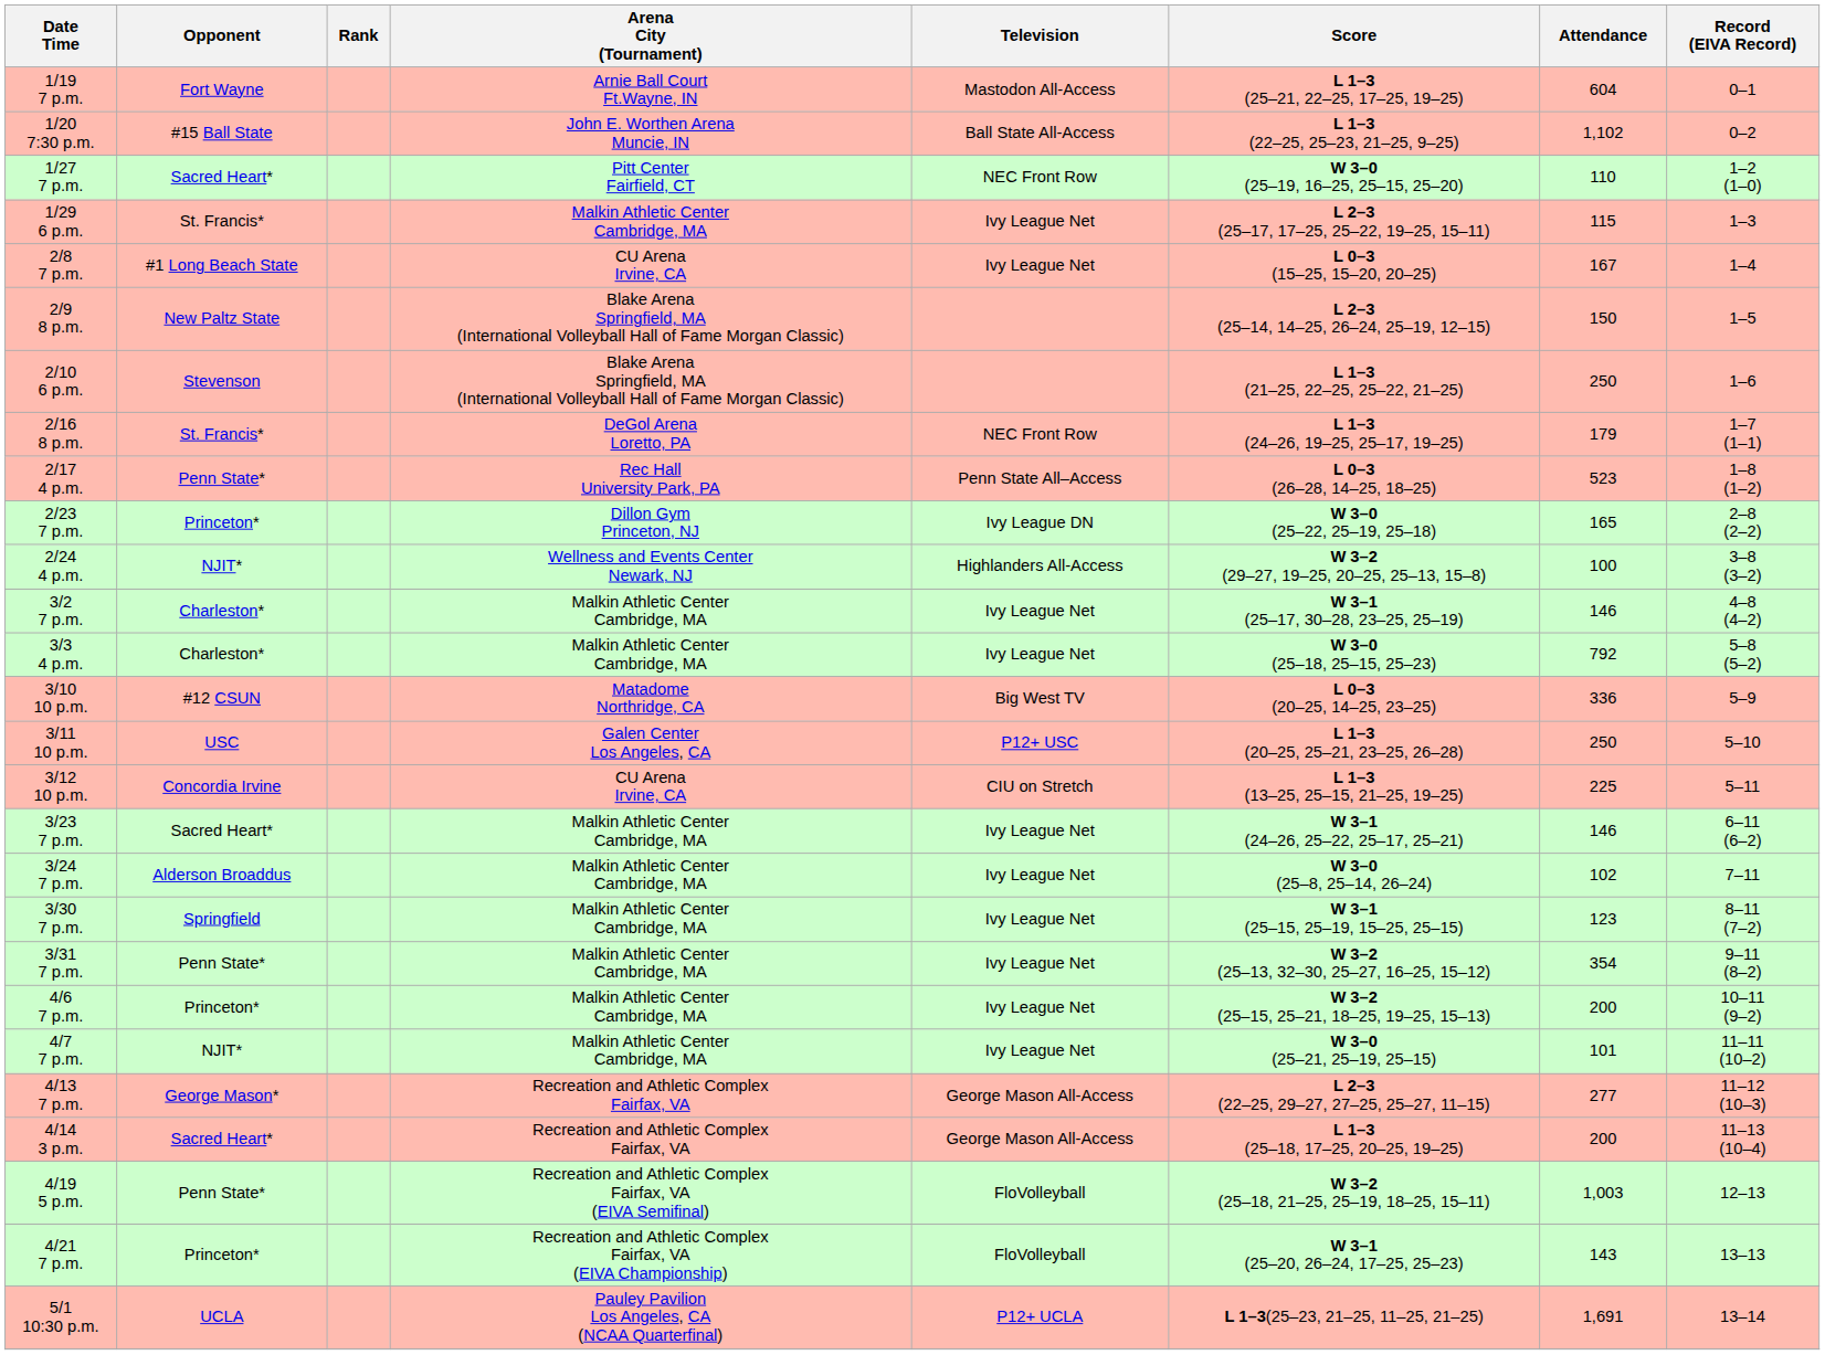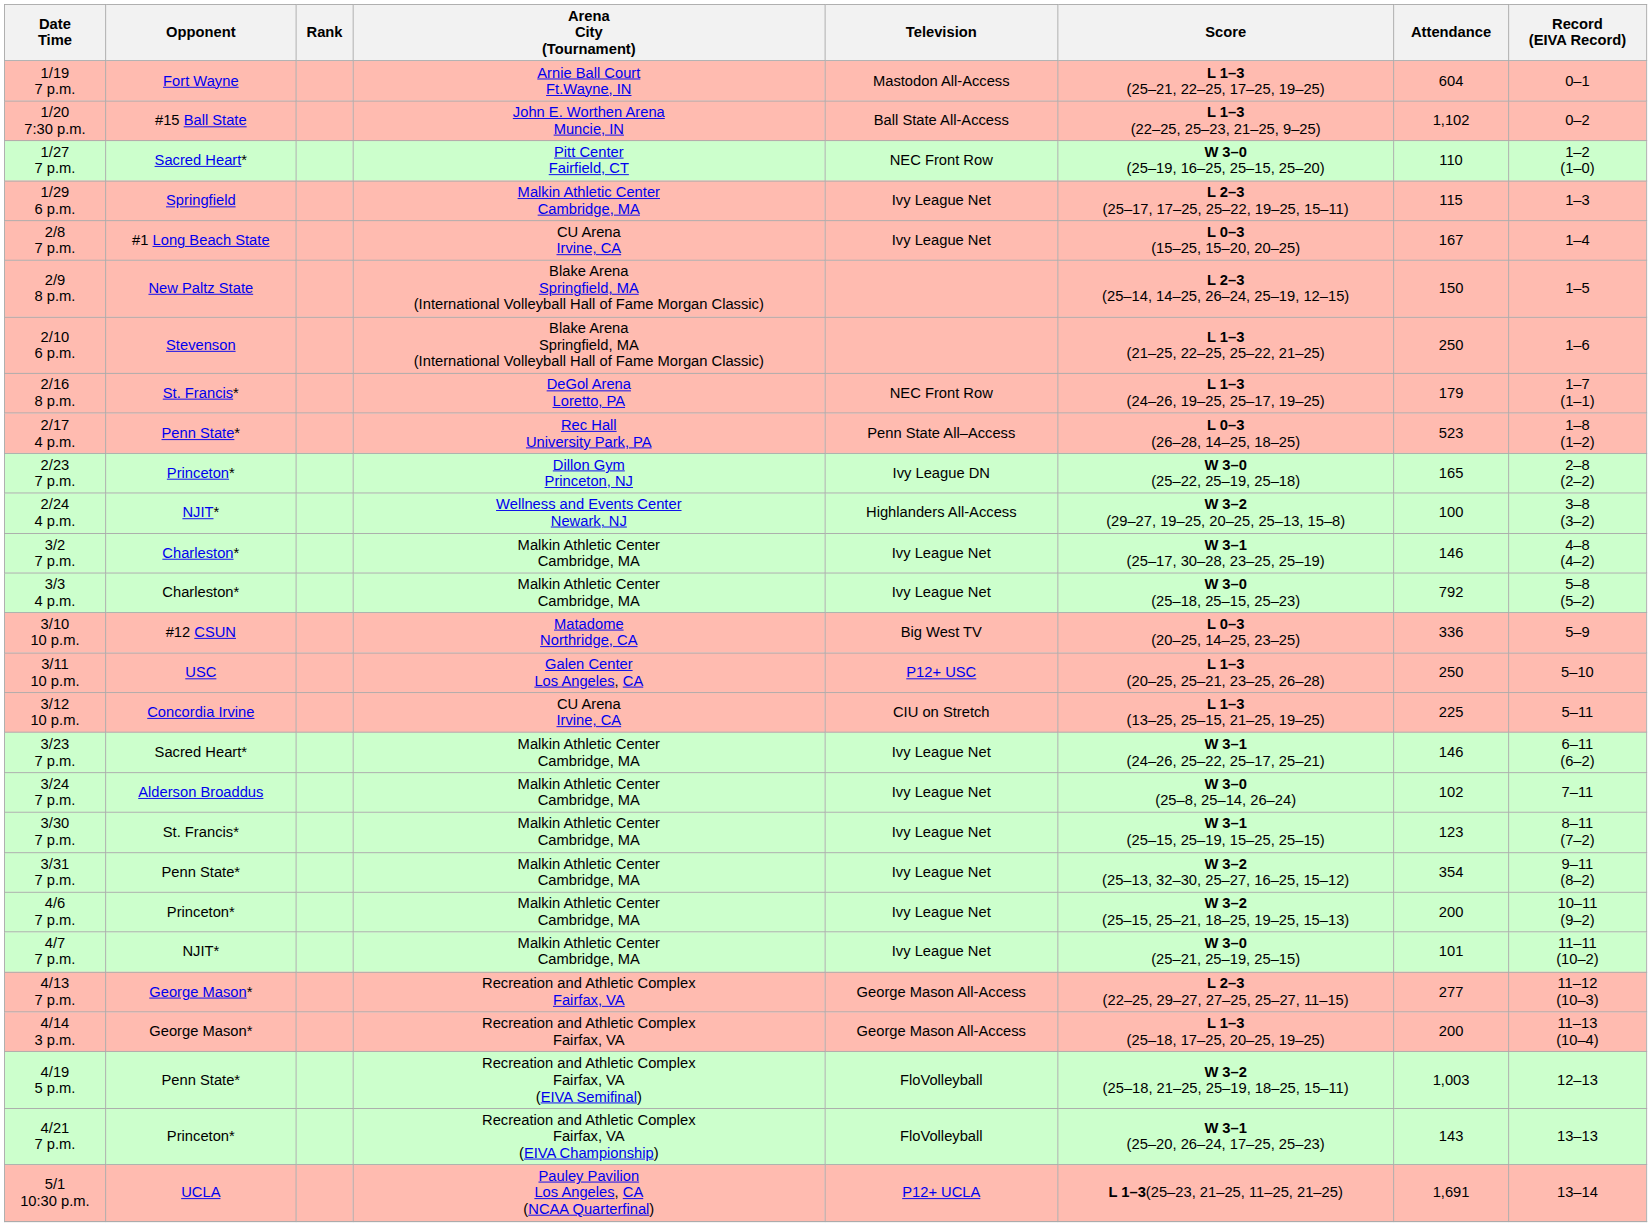 <table class="wikitable sortable" style="width:90%">
 <tr>
 <th>Date<br>Time</th>
 <th>Opponent</th>
 <th>Rank</th>
 <th>Arena<br>City<br>(Tournament)</th>
 <th>Television</th>
 <th>Score</th>
 <th>Attendance</th>
 <th>Record<br>(EIVA Record)</th>
 </tr>
 <tr align="center" bgcolor="#ffbbb">
 <td>1/19<br>7 p.m.</td>
 <td><a href='#'>Fort Wayne</a></td>
 <td></td>
 <td><a href='#'>Arnie Ball Court</a><br><a href='#'>Ft.Wayne, IN</a></td>
 <td>Mastodon All-Access</td>
 <td><strong>L 1–3</strong><br>(25–21, 22–25, 17–25, 19–25)</td>
 <td>604</td>
 <td>0–1</td>
 </tr>
 <tr align="center" bgcolor="#ffbbb">
 <td>1/20<br>7:30 p.m.</td>
 <td>#15 <a href='#'>Ball State</a></td>
 <td></td>
 <td><a href='#'>John E. Worthen Arena</a><br><a href='#'>Muncie, IN</a></td>
 <td>Ball State All-Access</td>
 <td><strong>L 1–3</strong><br>(22–25, 25–23, 21–25, 9–25)</td>
 <td>1,102</td>
 <td>0–2</td>
 </tr>
 <tr align="center" bgcolor="#ccffcc">
 <td>1/27<br>7 p.m.</td>
 <td><a href='#'>Sacred Heart</a>*</td>
 <td></td>
 <td><a href='#'>Pitt Center</a><br><a href='#'>Fairfield, CT</a></td>
 <td>NEC Front Row</td>
 <td><strong>W 3–0</strong><br>(25–19, 16–25, 25–15, 25–20)</td>
 <td>110</td>
 <td>1–2<br>(1–0)</td>
 </tr>
 <tr align="center" bgcolor="#ffbbb">
 <td>1/29<br>6 p.m.</td>
-<td>St. Francis*</td>
+<td><a href='#'>Springfield</a></td>
 <td></td>
 <td><a href='#'>Malkin Athletic Center</a><br><a href='#'>Cambridge, MA</a></td>
 <td>Ivy League Net</td>
 <td><strong>L 2–3</strong><br>(25–17, 17–25, 25–22, 19–25, 15–11)</td>
 <td>115</td>
 <td>1–3</td>
 </tr>
 <tr align="center" bgcolor="#ffbbb">
 <td>2/8<br>7 p.m.</td>
 <td>#1 <a href='#'>Long Beach State</a></td>
 <td></td>
 <td>CU Arena<br><a href='#'>Irvine, CA</a></td>
 <td>Ivy League Net</td>
 <td><strong>L 0–3</strong><br>(15–25, 15–20, 20–25)</td>
 <td>167</td>
 <td>1–4</td>
 </tr>
 <tr align="center" bgcolor="#ffbbb">
 <td>2/9<br>8 p.m.</td>
 <td><a href='#'>New Paltz State</a></td>
 <td></td>
 <td>Blake Arena<br><a href='#'>Springfield, MA</a><br>(International Volleyball Hall of Fame Morgan Classic)</td>
 <td></td>
 <td><strong>L 2–3</strong><br>(25–14, 14–25, 26–24, 25–19, 12–15)</td>
 <td>150</td>
 <td>1–5</td>
 </tr>
 <tr align="center" bgcolor="#ffbbb">
 <td>2/10<br>6 p.m.</td>
 <td><a href='#'>Stevenson</a></td>
 <td></td>
 <td>Blake Arena<br>Springfield, MA<br>(International Volleyball Hall of Fame Morgan Classic)</td>
 <td></td>
 <td><strong>L 1–3</strong><br>(21–25, 22–25, 25–22, 21–25)</td>
 <td>250</td>
 <td>1–6</td>
 </tr>
 <tr align="center" bgcolor="#ffbbb">
 <td>2/16<br>8 p.m.</td>
 <td><a href='#'>St. Francis</a>*</td>
 <td></td>
 <td><a href='#'>DeGol Arena</a><br><a href='#'>Loretto, PA</a></td>
 <td>NEC Front Row</td>
 <td><strong>L 1–3</strong><br>(24–26, 19–25, 25–17, 19–25)</td>
 <td>179</td>
 <td>1–7<br>(1–1)</td>
 </tr>
 <tr align="center" bgcolor="#ffbbb">
 <td>2/17<br>4 p.m.</td>
 <td><a href='#'>Penn State</a>*</td>
 <td></td>
 <td><a href='#'>Rec Hall</a><br><a href='#'>University Park, PA</a></td>
 <td>Penn State All–Access</td>
 <td><strong>L 0–3</strong><br>(26–28, 14–25, 18–25)</td>
 <td>523</td>
 <td>1–8<br>(1–2)</td>
 </tr>
 <tr align="center" bgcolor="#ccffcc">
 <td>2/23<br>7 p.m.</td>
 <td><a href='#'>Princeton</a>*</td>
 <td></td>
 <td><a href='#'>Dillon Gym</a><br><a href='#'>Princeton, NJ</a></td>
 <td>Ivy League DN</td>
 <td><strong>W 3–0</strong><br>(25–22, 25–19, 25–18)</td>
 <td>165</td>
 <td>2–8<br>(2–2)</td>
 </tr>
 <tr align="center" bgcolor="#ccffcc">
 <td>2/24<br>4 p.m.</td>
 <td><a href='#'>NJIT</a>*</td>
 <td></td>
 <td><a href='#'>Wellness and Events Center</a><br><a href='#'>Newark, NJ</a></td>
 <td>Highlanders All-Access</td>
 <td><strong>W 3–2</strong><br>(29–27, 19–25, 20–25, 25–13, 15–8)</td>
 <td>100</td>
 <td>3–8<br>(3–2)</td>
 </tr>
 <tr align="center" bgcolor="#ccffcc">
 <td>3/2<br>7 p.m.</td>
 <td><a href='#'>Charleston</a>*</td>
 <td></td>
 <td>Malkin Athletic Center<br>Cambridge, MA</td>
 <td>Ivy League Net</td>
 <td><strong>W 3–1</strong><br>(25–17, 30–28, 23–25, 25–19)</td>
 <td>146</td>
 <td>4–8<br>(4–2)</td>
 </tr>
 <tr align="center" bgcolor="#ccffcc">
 <td>3/3<br>4 p.m.</td>
 <td>Charleston*</td>
 <td></td>
 <td>Malkin Athletic Center<br>Cambridge, MA</td>
 <td>Ivy League Net</td>
 <td><strong>W 3–0</strong><br>(25–18, 25–15, 25–23)</td>
 <td>792</td>
 <td>5–8<br>(5–2)</td>
 </tr>
 <tr align="center" bgcolor="#ffbbb">
 <td>3/10<br>10 p.m.</td>
 <td>#12 <a href='#'>CSUN</a></td>
 <td></td>
 <td><a href='#'>Matadome</a><br><a href='#'>Northridge, CA</a></td>
 <td>Big West TV</td>
 <td><strong>L 0–3</strong><br>(20–25, 14–25, 23–25)</td>
 <td>336</td>
 <td>5–9</td>
 </tr>
 <tr align="center" bgcolor="#ffbbb">
 <td>3/11<br>10 p.m.</td>
 <td><a href='#'>USC</a></td>
 <td></td>
 <td><a href='#'>Galen Center</a><br><a href='#'>Los Angeles</a>, <a href='#'>CA</a></td>
 <td><a href='#'>P12+ USC</a></td>
 <td><strong>L 1–3</strong><br>(20–25, 25–21, 23–25, 26–28)</td>
 <td>250</td>
 <td>5–10</td>
 </tr>
 <tr align="center" bgcolor="#ffbbb">
 <td>3/12<br>10 p.m.</td>
 <td><a href='#'>Concordia Irvine</a></td>
 <td></td>
 <td>CU Arena<br><a href='#'>Irvine, CA</a></td>
 <td>CIU on Stretch</td>
 <td><strong>L 1–3</strong><br>(13–25, 25–15, 21–25, 19–25)</td>
 <td>225</td>
 <td>5–11</td>
 </tr>
 <tr align="center" bgcolor="#ccffcc">
 <td>3/23<br>7 p.m.</td>
 <td>Sacred Heart*</td>
 <td></td>
 <td>Malkin Athletic Center<br>Cambridge, MA</td>
 <td>Ivy League Net</td>
 <td><strong>W 3–1</strong><br>(24–26, 25–22, 25–17, 25–21)</td>
 <td>146</td>
 <td>6–11<br>(6–2)</td>
 </tr>
 <tr align="center" bgcolor="#ccffcc">
 <td>3/24<br>7 p.m.</td>
 <td><a href='#'>Alderson Broaddus</a></td>
 <td></td>
 <td>Malkin Athletic Center<br>Cambridge, MA</td>
 <td>Ivy League Net</td>
 <td><strong>W 3–0</strong><br>(25–8, 25–14, 26–24)</td>
 <td>102</td>
 <td>7–11</td>
 </tr>
 <tr align="center" bgcolor="#ccffcc">
 <td>3/30<br>7 p.m.</td>
-<td><a href='#'>Springfield</a></td>
+<td>St. Francis*</td>
 <td></td>
 <td>Malkin Athletic Center<br>Cambridge, MA</td>
 <td>Ivy League Net</td>
 <td><strong>W 3–1</strong><br>(25–15, 25–19, 15–25, 25–15)</td>
 <td>123</td>
 <td>8–11<br>(7–2)</td>
 </tr>
 <tr align="center" bgcolor="#ccffcc">
 <td>3/31<br>7 p.m.</td>
 <td>Penn State*</td>
 <td></td>
 <td>Malkin Athletic Center<br>Cambridge, MA</td>
 <td>Ivy League Net</td>
 <td><strong>W 3–2</strong><br>(25–13, 32–30, 25–27, 16–25, 15–12)</td>
 <td>354</td>
 <td>9–11<br>(8–2)</td>
 </tr>
 <tr align="center" bgcolor="#ccffcc">
 <td>4/6<br>7 p.m.</td>
 <td>Princeton*</td>
 <td></td>
 <td>Malkin Athletic Center<br>Cambridge, MA</td>
 <td>Ivy League Net</td>
 <td><strong>W 3–2</strong><br>(25–15, 25–21, 18–25, 19–25, 15–13)</td>
 <td>200</td>
 <td>10–11<br>(9–2)</td>
 </tr>
 <tr align="center" bgcolor="#ccffcc">
 <td>4/7<br>7 p.m.</td>
 <td>NJIT*</td>
 <td></td>
 <td>Malkin Athletic Center<br>Cambridge, MA</td>
 <td>Ivy League Net</td>
 <td><strong>W 3–0</strong><br>(25–21, 25–19, 25–15)</td>
 <td>101</td>
 <td>11–11<br>(10–2)</td>
 </tr>
 <tr align="center" bgcolor="#ffbbb">
 <td>4/13<br>7 p.m.</td>
 <td><a href='#'>George Mason</a>*</td>
 <td></td>
 <td>Recreation and Athletic Complex<br><a href='#'>Fairfax, VA</a></td>
 <td>George Mason All-Access</td>
 <td><strong>L 2–3</strong><br>(22–25, 29–27, 27–25, 25–27, 11–15)</td>
 <td>277</td>
 <td>11–12<br>(10–3)</td>
 </tr>
 <tr align="center" bgcolor="#ffbbb">
 <td>4/14<br>3 p.m.</td>
-<td><a href='#'>Sacred Heart</a>*</td>
+<td>George Mason*</td>
 <td></td>
 <td>Recreation and Athletic Complex<br>Fairfax, VA</td>
 <td>George Mason All-Access</td>
 <td><strong>L 1–3</strong><br>(25–18, 17–25, 20–25, 19–25)</td>
 <td>200</td>
 <td>11–13<br>(10–4)</td>
 </tr>
 <tr align="center" bgcolor="#ccffcc">
 <td>4/19<br>5 p.m.</td>
 <td>Penn State*</td>
 <td></td>
 <td>Recreation and Athletic Complex<br>Fairfax, VA<br>(<a href='#'>EIVA Semifinal</a>)</td>
 <td>FloVolleyball</td>
 <td><strong>W 3–2</strong><br>(25–18, 21–25, 25–19, 18–25, 15–11)</td>
 <td>1,003</td>
 <td>12–13</td>
 </tr>
 <tr align="center" bgcolor="#ccffcc">
 <td>4/21<br>7 p.m.</td>
 <td>Princeton*</td>
 <td></td>
 <td>Recreation and Athletic Complex<br>Fairfax, VA<br>(<a href='#'>EIVA Championship</a>)</td>
 <td>FloVolleyball</td>
 <td><strong>W 3–1</strong><br>(25–20, 26–24, 17–25, 25–23)</td>
 <td>143</td>
 <td>13–13</td>
 </tr>
 <tr align="center" bgcolor="#ffbbb">
 <td>5/1<br>10:30 p.m.</td>
 <td><a href='#'>UCLA</a></td>
 <td></td>
 <td><a href='#'>Pauley Pavilion</a><br><a href='#'>Los Angeles</a>, <a href='#'>CA</a><br>(<a href='#'>NCAA Quarterfinal</a>)</td>
 <td><a href='#'>P12+ UCLA</a></td>
 <td><strong>L 1–3</strong>(25–23, 21–25, 11–25, 21–25)</td>
 <td>1,691</td>
 <td>13–14</td>
 </tr>
 <tr>
 </tr>
 </table>
